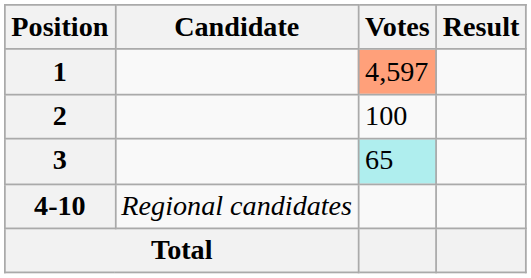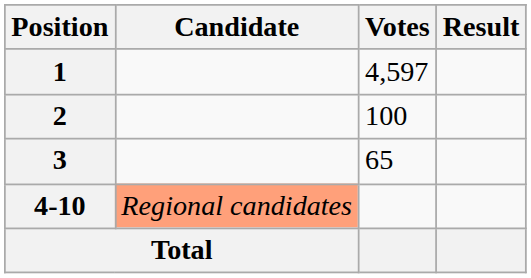 <table class="wikitable sortable col3right">
 <tr>
 <th scope="col">Position</th>
 <th scope="col">Candidate</th>
 <th scope="col">Votes</th>
 <th scope="col">Result</th>
 </tr>
 <tr>
 <th scope="row">1</th>
 <td></td>
-<td style="background: lightsalmon;">4,597</td>
+<td>4,597</td>
 <td></td>
 </tr>
 <tr>
 <th scope="row">2</th>
 <td></td>
 <td>100</td>
 <td></td>
 </tr>
 <tr>
 <th scope="row">3</th>
 <td></td>
-<td style="background: paleturquoise;">65</td>
+<td>65</td>
 <td></td>
 </tr>
 <tr>
 <th scope="row">4-10</th>
-<td><em>Regional candidates</em></td>
+<td style="background: lightsalmon;"><em>Regional candidates</em></td>
 <td></td>
 <td></td>
 </tr>
 <tr class="sortbottom">
 <th scope="row" colspan="2">Total</th>
 <th></th>
 <th></th>
 </tr>
 </table>
